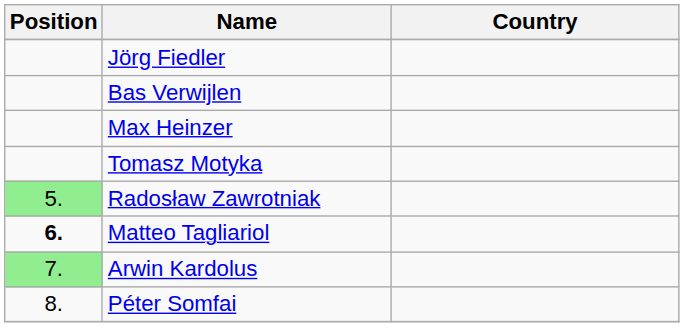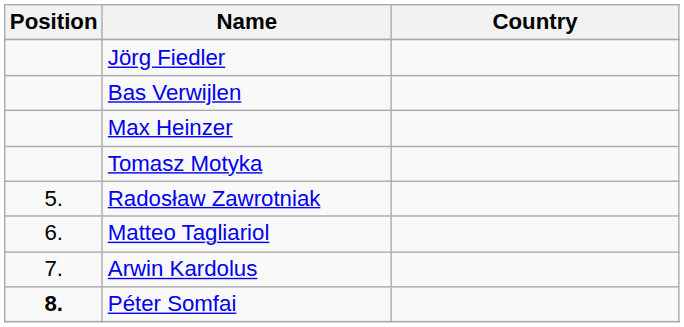 <table class="wikitable">
 <tr>
 <th width="20">Position</th>
 <th width="200">Name</th>
 <th width="200">Country</th>
 </tr>
 <tr>
 </tr>
 <tr>
 <td align="center"></td>
 <td><a href='#'>Jörg Fiedler</a></td>
 <td></td>
 </tr>
 <tr>
 <td align="center"></td>
 <td><a href='#'>Bas Verwijlen</a></td>
 <td></td>
 </tr>
 <tr>
 <td align="center"></td>
 <td><a href='#'>Max Heinzer</a></td>
 <td></td>
 </tr>
 <tr>
 <td align="center"></td>
 <td><a href='#'>Tomasz Motyka</a></td>
 <td></td>
 </tr>
 <tr>
-<td align="center" style="background: lightgreen;">5.</td>
+<td align="center">5.</td>
 <td><a href='#'>Radosław Zawrotniak</a></td>
 <td></td>
 </tr>
 <tr>
-<td align="center"><strong>6.</strong></td>
+<td align="center">6.</td>
 <td><a href='#'>Matteo Tagliariol</a></td>
 <td></td>
 </tr>
 <tr>
-<td align="center" style="background: lightgreen;">7.</td>
+<td align="center">7.</td>
 <td><a href='#'>Arwin Kardolus</a></td>
 <td></td>
 </tr>
 <tr>
-<td align="center">8.</td>
+<td align="center"><strong>8.</strong></td>
 <td><a href='#'>Péter Somfai</a></td>
 <td></td>
 </tr>
 <tr>
 </tr>
 </table>
